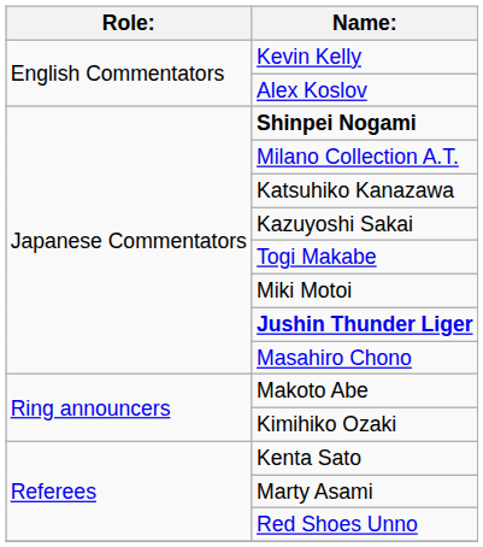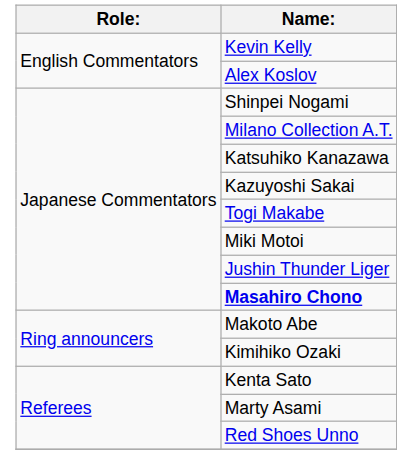 <table class=wikitable style="font-size:90%; margin: 0.5em 0 0.5em 1em; float: right; clear: right;">
 <tr>
 <th>Role:</th>
 <th>Name:</th>
 </tr>
 <tr>
 <td rowspan="2">English Commentators</td>
 <td><a href='#'>Kevin Kelly</a></td>
 </tr>
 <tr>
 <td><a href='#'>Alex Koslov</a></td>
 </tr>
 <tr>
 <td rowspan=8>Japanese Commentators</td>
-<td><strong>Shinpei Nogami</strong></td>
+<td>Shinpei Nogami</td>
 </tr>
 <tr>
 <td><a href='#'>Milano Collection A.T.</a></td>
 </tr>
 <tr>
 <td>Katsuhiko Kanazawa</td>
 </tr>
 <tr>
 <td>Kazuyoshi Sakai</td>
 </tr>
 <tr>
 <td><a href='#'>Togi Makabe</a></td>
 </tr>
 <tr>
 <td>Miki Motoi</td>
 </tr>
 <tr>
-<td><strong><a href='#'>Jushin Thunder Liger</a></strong></td>
+<td><a href='#'>Jushin Thunder Liger</a></td>
 </tr>
 <tr>
-<td><a href='#'>Masahiro Chono</a></td>
+<td><strong><a href='#'>Masahiro Chono</a></strong></td>
 </tr>
 <tr>
 <td rowspan=2><a href='#'>Ring announcers</a></td>
 <td>Makoto Abe</td>
 </tr>
 <tr>
 <td>Kimihiko Ozaki</td>
 </tr>
 <tr>
 <td rowspan="3"><a href='#'>Referees</a></td>
 <td>Kenta Sato</td>
 </tr>
 <tr>
 <td>Marty Asami</td>
 </tr>
 <tr>
 <td><a href='#'>Red Shoes Unno</a></td>
 </tr>
 <tr>
 </tr>
 </table>
